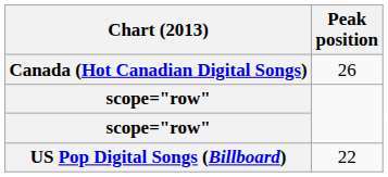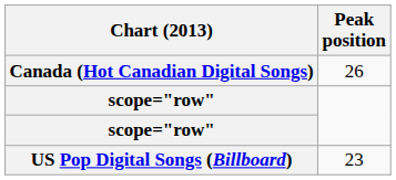 <table class="wikitable sortable plainrowheaders">
 <tr>
 <th>Chart (2013)</th>
 <th>Peak<br>position</th>
 </tr>
 <tr>
 <th scope="row">Canada (<a href='#'>Hot Canadian Digital Songs</a>)</th>
 <td align=center>26</td>
 </tr>
 <tr>
 <th>scope="row"</th>
 </tr>
 <tr>
 <th>scope="row"</th>
 </tr>
 <tr>
 <th scope="row">US <a href='#'>Pop Digital Songs</a> (<em><a href='#'>Billboard</a></em>)</th>
-<td align=center>22</td>
+<td align=center>23</td>
 </tr>
 </table>
